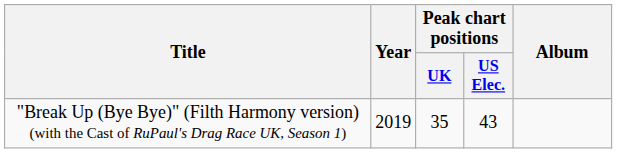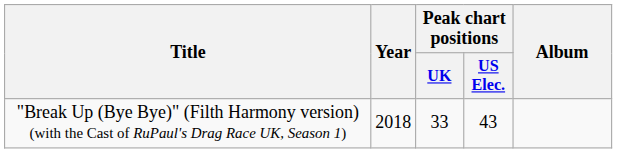 <table class="wikitable plainrowheaders" style="text-align:center;">
 <tr>
 <th rowspan="2" style="width:20em;">Title</th>
 <th rowspan="2" style="width:1em;">Year</th>
 <th colspan="2" style="width:5em;">Peak chart positions</th>
 <th rowspan="2" style="width:5em;">Album</th>
 </tr>
 <tr>
 <th scope="col" style="width:2em;font-size:90%;"><a href='#'>UK</a><br></th>
 <th scope="col" style="width:2em;font-size:90%;"><a href='#'>US<br>Elec.</a><br></th>
 </tr>
 <tr>
 <td>"Break Up (Bye Bye)" (Filth Harmony version)<br><small>(with the Cast of <em>RuPaul's Drag Race UK, Season 1</em>)</small></td>
-<td>2019</td>
-<td>35</td>
+<td>2018</td>
+<td>33</td>
 <td>43</td>
 <td></td>
 </tr>
 </table>
